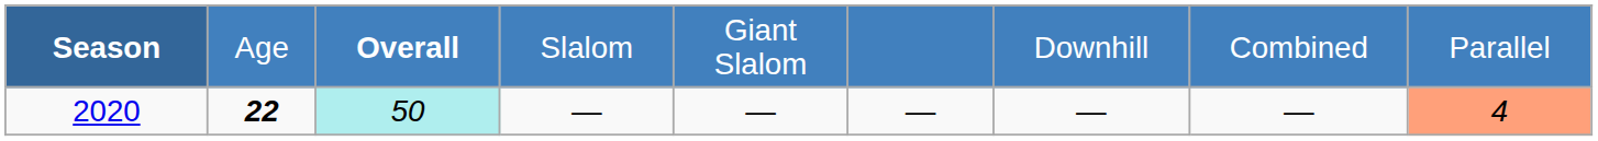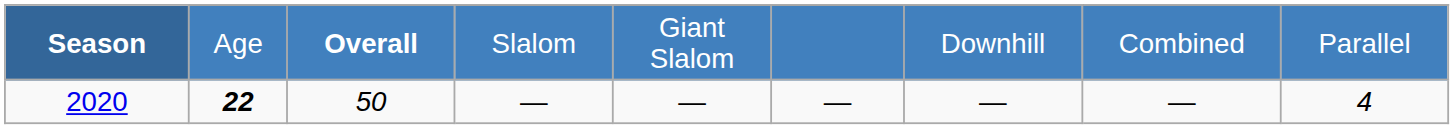 <table class="wikitable"  style="font-size:95%; text-align:center; border:gray solid 1px; width:40%;">
 <tr style="background:#369; color:white;">
 <td rowspan="2" style="width:6%;"><strong>Season</strong></td>
 </tr>
 <tr style="background:#4180be; color:white;">
 <td style="width:3%;">Age</td>
 <td style="width:5%;"><strong>Overall</strong></td>
 <td style="width:5%;">Slalom</td>
 <td style="width:5%;">Giant<br>Slalom</td>
 <td style="width:5%;"></td>
 <td style="width:5%;">Downhill</td>
 <td style="width:5%;">Combined</td>
 <td style="width:5%;">Parallel</td>
 </tr>
 <tr>
 <td><a href='#'>2020</a></td>
 <td><strong><em>22</em></strong></td>
-<td style="background: paleturquoise;"><em>50</em></td>
+<td><em>50</em></td>
 <td>—</td>
 <td>—</td>
 <td>—</td>
 <td>—</td>
 <td>—</td>
-<td style="background: lightsalmon;"><em>4</em></td>
+<td><em>4</em></td>
 </tr>
 </table>
